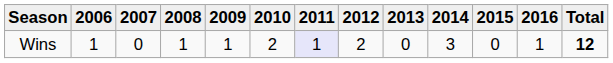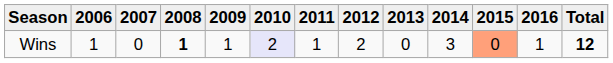 <table class="wikitable">
 <tr style="background:#efefef; font-weight:bold;">
 <td>Season</td>
 <td>2006</td>
 <td>2007</td>
 <td>2008</td>
 <td>2009</td>
 <td>2010</td>
 <td>2011</td>
 <td>2012</td>
 <td>2013</td>
 <td>2014</td>
 <td>2015</td>
 <td>2016</td>
 <td>Total</td>
 </tr>
 <tr align="center">
 <td>Wins</td>
 <td>1</td>
 <td>0</td>
+<td><strong>1</strong></td>
 <td>1</td>
+<td style="background: lavender;">2</td>
 <td>1</td>
-<td>2</td>
-<td style="background: lavender;">1</td>
 <td>2</td>
 <td>0</td>
 <td>3</td>
-<td>0</td>
+<td style="background: lightsalmon;">0</td>
 <td>1</td>
 <td><strong>12</strong></td>
 </tr>
 </table>
